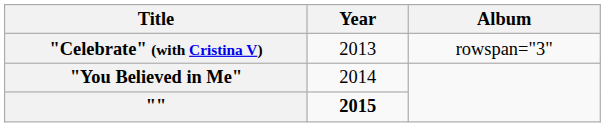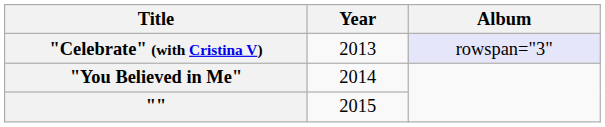 <table class="wikitable plainrowheaders" style="text-align:center;">
 <tr>
 <th scope="col" style="width:16em;">Title</th>
 <th scope="col" style="width:5em;">Year</th>
 <th scope="col" style="width:10em;">Album</th>
 </tr>
 <tr>
 <th scope="row">"Celebrate" <small>(with <a href='#'>Cristina V</a>)</small></th>
 <td>2013</td>
-<td>rowspan="3" </td>
+<td style="background: lavender;">rowspan="3" </td>
 </tr>
 <tr>
 <th scope="row">"You Believed in Me"</th>
 <td>2014</td>
 </tr>
 <tr>
 <th scope="row">""</th>
-<td><strong>2015</strong></td>
+<td>2015</td>
 </tr>
 </table>
